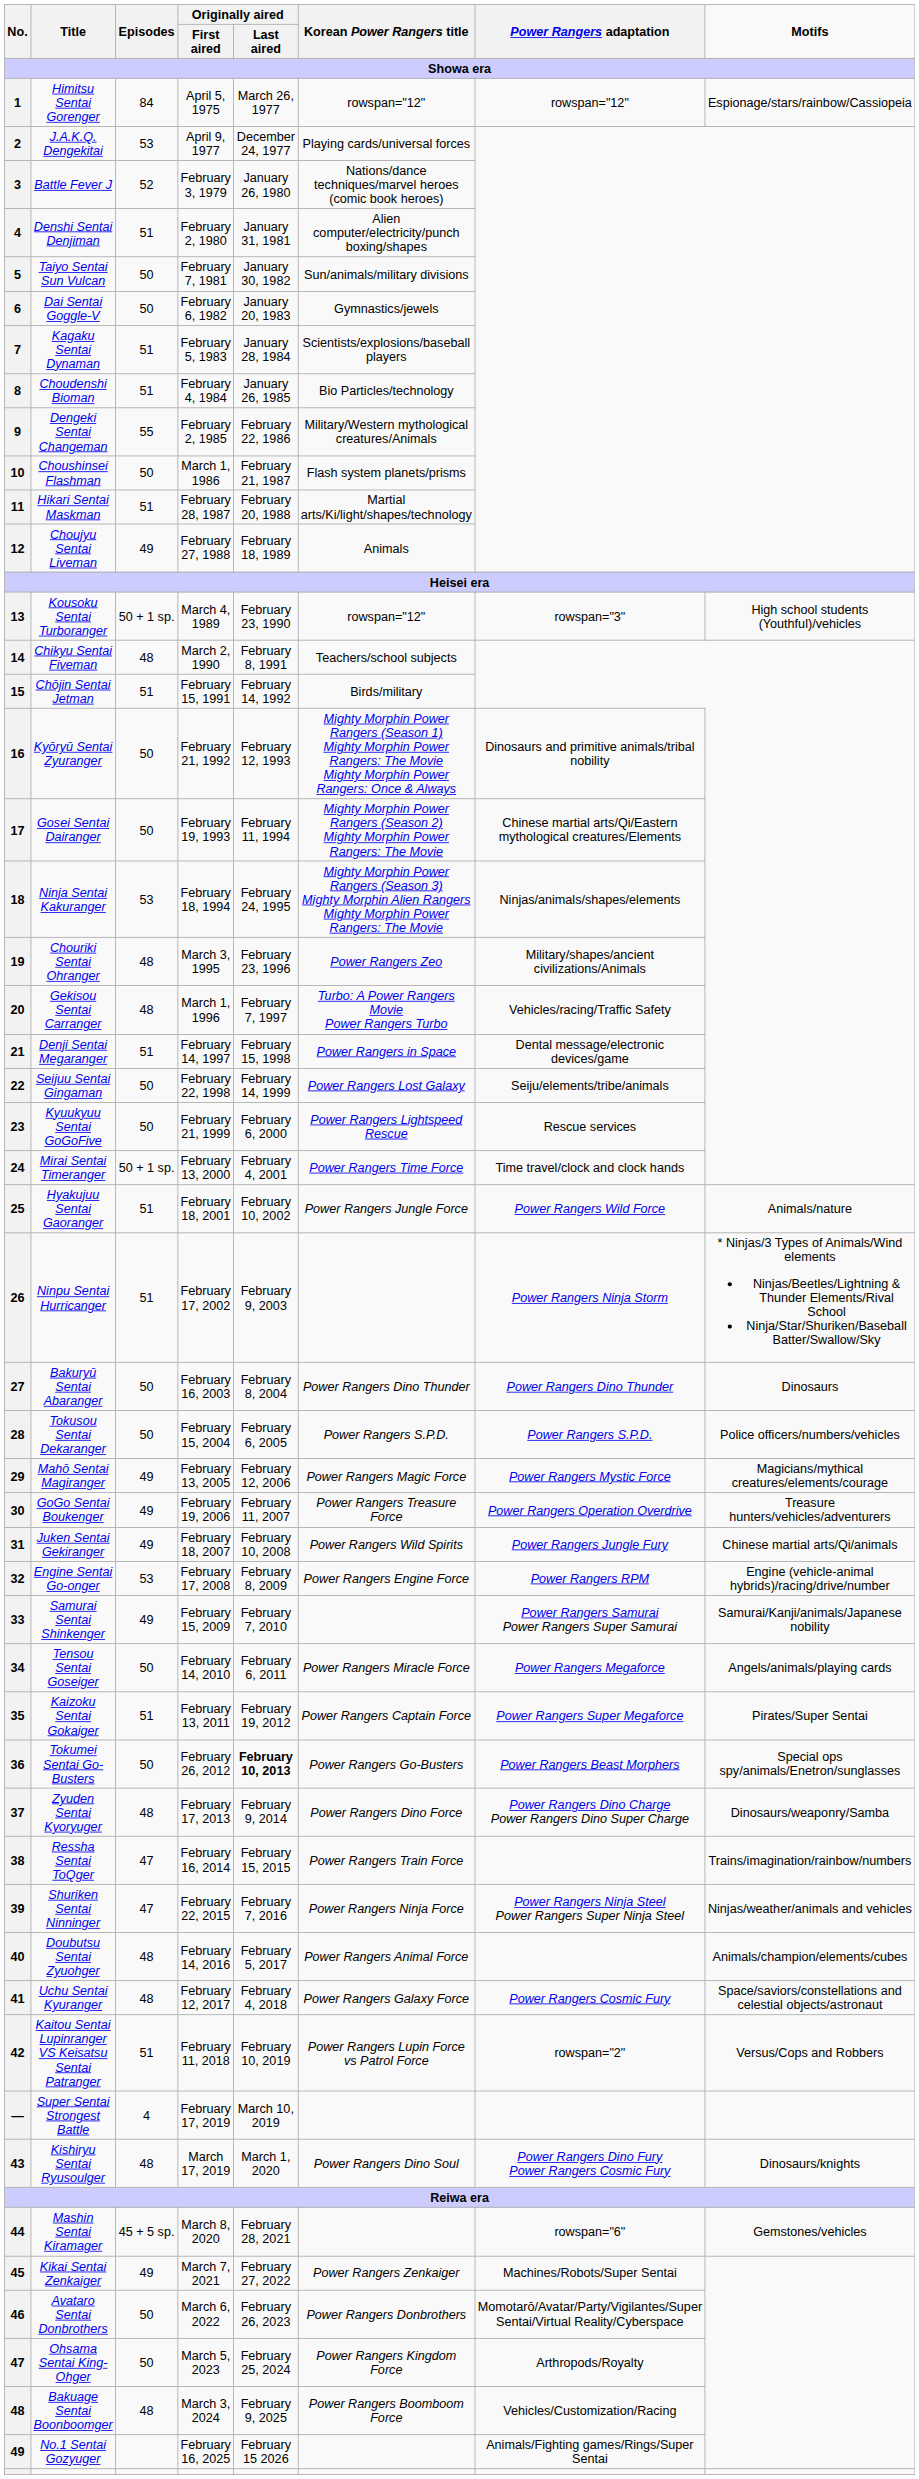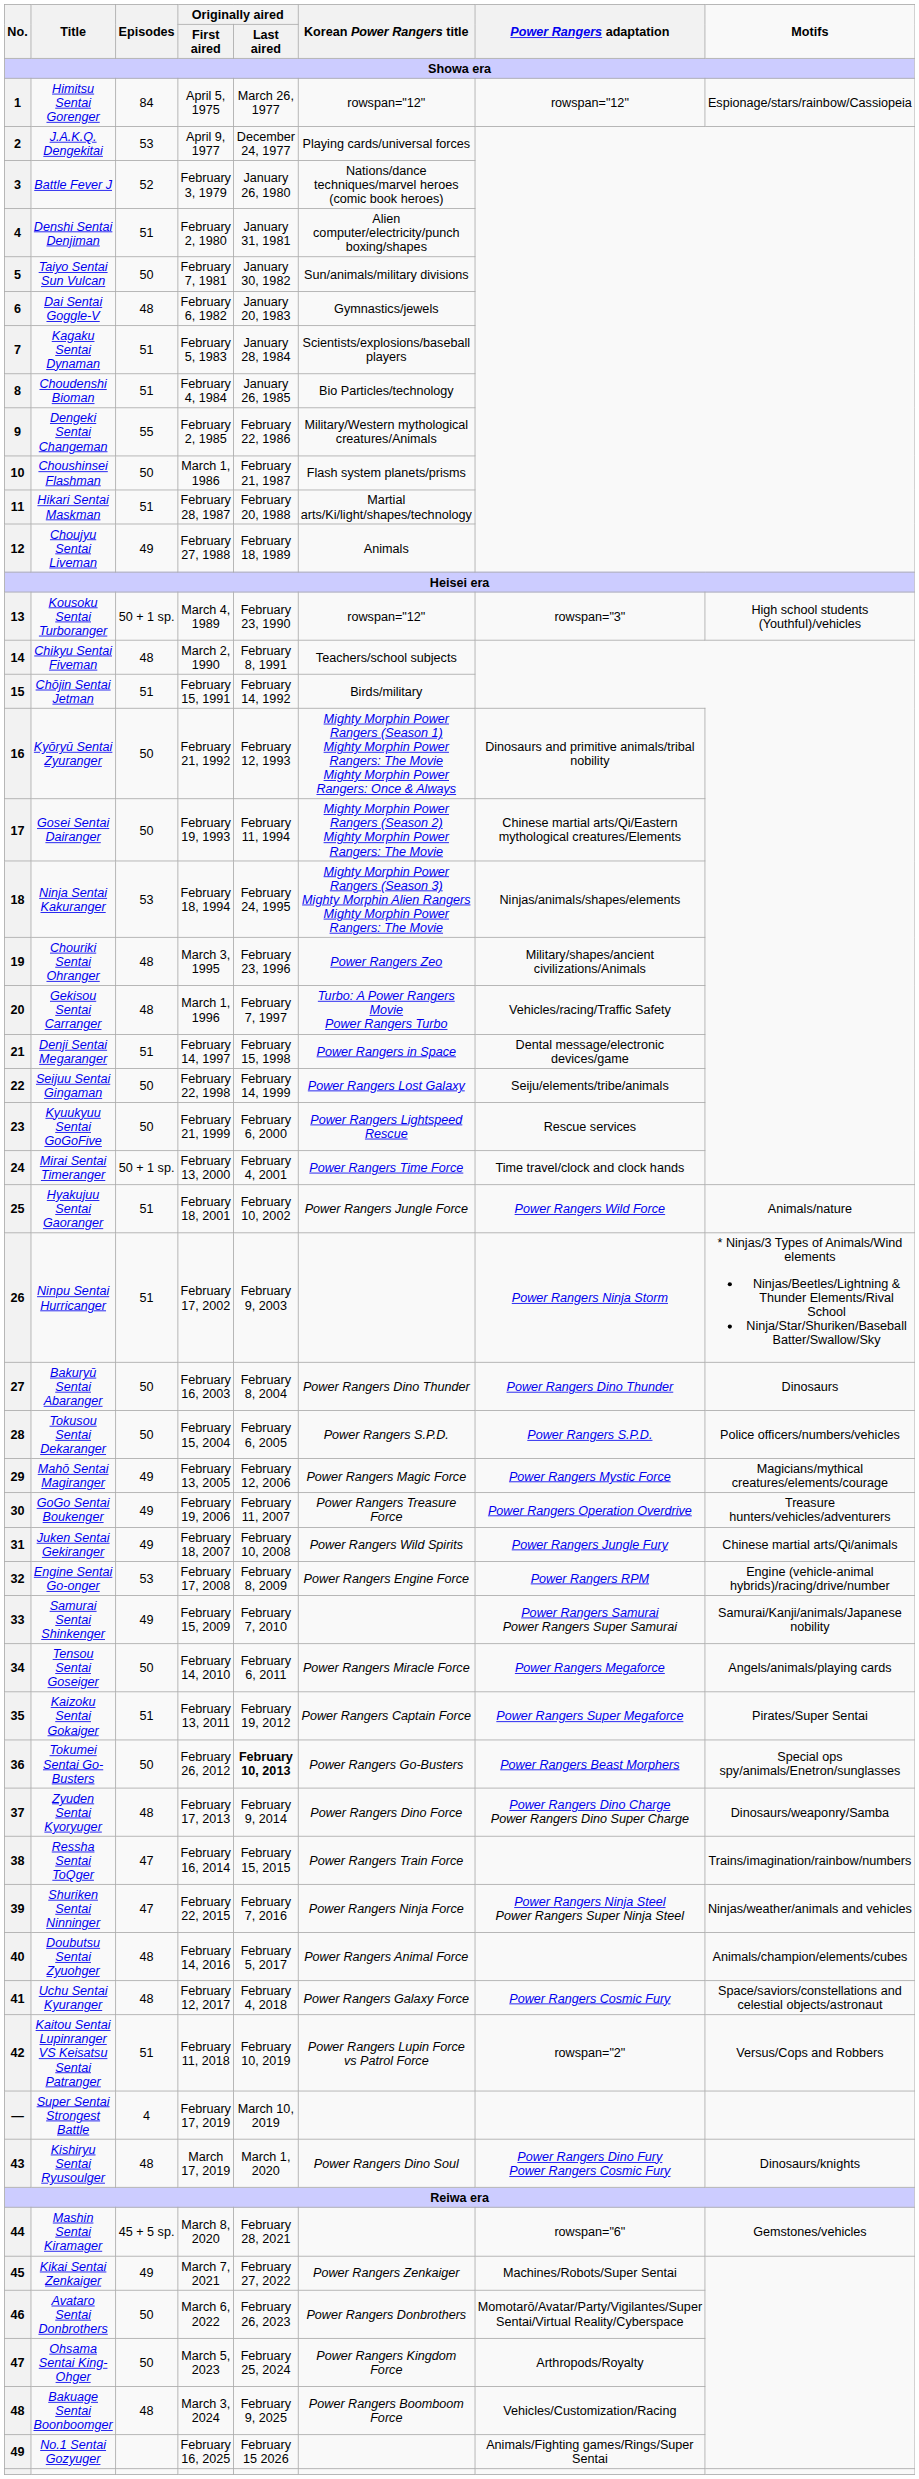 <table class="wikitable" style="font-size:95%; text-align:center;">
 <tr>
 <th rowspan="2">No.</th>
 <th rowspan="2">Title</th>
 <th rowspan="2">Episodes</th>
 <th colspan="2">Originally aired</th>
 <th rowspan="2">Korean <em>Power Rangers</em> title</th>
 <th rowspan="2"><em><a href='#'>Power Rangers</a></em> adaptation</th>
 <td rowspan="2"><strong>Motifs</strong></td>
 </tr>
 <tr>
 <th>First aired</th>
 <th>Last aired</th>
 </tr>
 <tr>
 <th colspan="8" style="background-color:#ccccff;">Showa era<br></th>
 </tr>
 <tr>
 <th>1</th>
 <td><em><a href='#'>Himitsu Sentai Gorenger</a></em></td>
 <td>84</td>
 <td>April 5, 1975</td>
 <td>March 26, 1977</td>
 <td>rowspan="12" </td>
 <td>rowspan="12" </td>
 <td>Espionage/stars/rainbow/Cassiopeia</td>
 </tr>
 <tr>
 <th>2</th>
 <td><em><a href='#'>J.A.K.Q. Dengekitai</a></em></td>
 <td>53</td>
 <td>April 9, 1977</td>
 <td>December 24, 1977</td>
 <td>Playing cards/universal forces</td>
 </tr>
 <tr>
 <th>3</th>
 <td><em><a href='#'>Battle Fever J</a></em></td>
 <td>52</td>
 <td>February 3, 1979</td>
 <td>January 26, 1980</td>
 <td>Nations/dance techniques/marvel heroes (comic book heroes)</td>
 </tr>
 <tr>
 <th>4</th>
 <td><em><a href='#'>Denshi Sentai Denjiman</a></em></td>
 <td>51</td>
 <td>February 2, 1980</td>
 <td>January 31, 1981</td>
 <td>Alien computer/electricity/punch boxing/shapes</td>
 </tr>
 <tr>
 <th>5</th>
 <td><em><a href='#'>Taiyo Sentai Sun Vulcan</a></em></td>
 <td>50</td>
 <td>February 7, 1981</td>
 <td>January 30, 1982</td>
 <td>Sun/animals/military divisions</td>
 </tr>
 <tr>
 <th>6</th>
 <td><em><a href='#'>Dai Sentai Goggle-V</a></em></td>
-<td>50</td>
+<td>48</td>
 <td>February 6, 1982</td>
 <td>January 20, 1983</td>
 <td>Gymnastics/jewels</td>
 </tr>
 <tr>
 <th>7</th>
 <td><em><a href='#'>Kagaku Sentai Dynaman</a></em></td>
 <td>51</td>
 <td>February 5, 1983</td>
 <td>January 28, 1984</td>
 <td>Scientists/explosions/baseball players</td>
 </tr>
 <tr>
 <th>8</th>
 <td><em><a href='#'>Choudenshi Bioman</a></em></td>
 <td>51</td>
 <td>February 4, 1984</td>
 <td>January 26, 1985</td>
 <td>Bio Particles/technology</td>
 </tr>
 <tr>
 <th>9</th>
 <td><em><a href='#'>Dengeki Sentai Changeman</a></em></td>
 <td>55</td>
 <td>February 2, 1985</td>
 <td>February 22, 1986</td>
 <td>Military/Western mythological creatures/Animals</td>
 </tr>
 <tr>
 <th>10</th>
 <td><em><a href='#'>Choushinsei Flashman</a></em></td>
 <td>50</td>
 <td>March 1, 1986</td>
 <td>February 21, 1987</td>
 <td>Flash system planets/prisms</td>
 </tr>
 <tr>
 <th>11</th>
 <td><em><a href='#'>Hikari Sentai Maskman</a></em></td>
 <td>51</td>
 <td>February 28, 1987</td>
 <td>February 20, 1988</td>
 <td>Martial arts/Ki/light/shapes/technology</td>
 </tr>
 <tr>
 <th>12</th>
 <td><em><a href='#'>Choujyu Sentai Liveman</a></em></td>
 <td>49</td>
 <td>February 27, 1988</td>
 <td>February 18, 1989</td>
 <td>Animals</td>
 </tr>
 <tr>
 <th colspan="8" style="background-color:#ccccff;">Heisei era<br></th>
 </tr>
 <tr>
 <th>13</th>
 <td><em><a href='#'>Kousoku Sentai Turboranger</a></em></td>
 <td>50 + 1 sp.</td>
 <td>March 4, 1989</td>
 <td>February 23, 1990</td>
 <td>rowspan="12" </td>
 <td>rowspan="3" </td>
 <td>High school students (Youthful)/vehicles</td>
 </tr>
 <tr>
 <th>14</th>
 <td><em><a href='#'>Chikyu Sentai Fiveman</a></em></td>
 <td>48</td>
 <td>March 2, 1990</td>
 <td>February 8, 1991</td>
 <td>Teachers/school subjects</td>
 </tr>
 <tr>
 <th>15</th>
 <td><em><a href='#'>Chōjin Sentai Jetman</a></em></td>
 <td>51</td>
 <td>February 15, 1991</td>
 <td>February 14, 1992</td>
 <td>Birds/military</td>
 </tr>
 <tr>
 <th>16</th>
 <td><em><a href='#'>Kyōryū Sentai Zyuranger</a></em></td>
 <td>50</td>
 <td>February 21, 1992</td>
 <td>February 12, 1993</td>
 <td><em><a href='#'>Mighty Morphin Power Rangers (Season 1)</a></em><br><em><a href='#'>Mighty Morphin Power Rangers: The Movie</a></em><br><em><a href='#'>Mighty Morphin Power Rangers: Once & Always</a></em></td>
 <td>Dinosaurs and primitive animals/tribal nobility</td>
 </tr>
 <tr>
 <th>17</th>
 <td><em><a href='#'>Gosei Sentai Dairanger</a></em></td>
 <td>50</td>
 <td>February 19, 1993</td>
 <td>February 11, 1994</td>
 <td><a href='#'><em>Mighty Morphin Power Rangers (Season 2)</em></a><br><em><a href='#'>Mighty Morphin Power Rangers: The Movie</a></em></td>
 <td>Chinese martial arts/Qi/Eastern mythological creatures/Elements</td>
 </tr>
 <tr>
 <th>18</th>
 <td><em><a href='#'>Ninja Sentai Kakuranger</a></em></td>
 <td>53</td>
 <td>February 18, 1994</td>
 <td>February 24, 1995</td>
 <td><a href='#'><em>Mighty Morphin Power Rangers (Season 3)</em></a><br><em><a href='#'>Mighty Morphin Alien Rangers</a></em><br><em><a href='#'>Mighty Morphin Power Rangers: The Movie</a></em></td>
 <td>Ninjas/animals/shapes/elements</td>
 </tr>
 <tr>
 <th>19</th>
 <td><em><a href='#'>Chouriki Sentai Ohranger</a></em></td>
 <td>48</td>
 <td>March 3, 1995</td>
 <td>February 23, 1996</td>
 <td><em><a href='#'>Power Rangers Zeo</a></em></td>
 <td>Military/shapes/ancient civilizations/Animals</td>
 </tr>
 <tr>
 <th>20</th>
 <td><em><a href='#'>Gekisou Sentai Carranger</a></em></td>
 <td>48</td>
 <td>March 1, 1996</td>
 <td>February 7, 1997</td>
 <td><em><a href='#'>Turbo: A Power Rangers Movie</a></em><br><em><a href='#'>Power Rangers Turbo</a></em></td>
 <td>Vehicles/racing/Traffic Safety</td>
 </tr>
 <tr>
 <th>21</th>
 <td><em><a href='#'>Denji Sentai Megaranger</a></em></td>
 <td>51</td>
 <td>February 14, 1997</td>
 <td>February 15, 1998</td>
 <td><em><a href='#'>Power Rangers in Space</a></em></td>
 <td>Dental message/electronic devices/game</td>
 </tr>
 <tr>
 <th>22</th>
 <td><em><a href='#'>Seijuu Sentai Gingaman</a></em></td>
 <td>50</td>
 <td>February 22, 1998</td>
 <td>February 14, 1999</td>
 <td><em><a href='#'>Power Rangers Lost Galaxy</a></em></td>
 <td>Seiju/elements/tribe/animals</td>
 </tr>
 <tr>
 <th>23</th>
 <td><em><a href='#'>Kyuukyuu Sentai GoGoFive</a></em></td>
 <td>50</td>
 <td>February 21, 1999</td>
 <td>February 6, 2000</td>
 <td><em><a href='#'>Power Rangers Lightspeed Rescue</a></em></td>
 <td>Rescue services</td>
 </tr>
 <tr>
 <th>24</th>
 <td><em><a href='#'>Mirai Sentai Timeranger</a></em></td>
 <td>50 + 1 sp.</td>
 <td>February 13, 2000</td>
 <td>February 4, 2001</td>
 <td><em><a href='#'>Power Rangers Time Force</a></em></td>
 <td>Time travel/clock and clock hands</td>
 </tr>
 <tr>
 <th>25</th>
 <td><em><a href='#'>Hyakujuu Sentai Gaoranger</a></em></td>
 <td>51</td>
 <td>February 18, 2001</td>
 <td>February 10, 2002</td>
 <td><em>Power Rangers Jungle Force</em></td>
 <td><em><a href='#'>Power Rangers Wild Force</a></em></td>
 <td>Animals/nature</td>
 </tr>
 <tr>
 <th>26</th>
 <td><em><a href='#'>Ninpu Sentai Hurricanger</a></em></td>
 <td>51</td>
 <td>February 17, 2002</td>
 <td>February 9, 2003</td>
 <td></td>
 <td><em><a href='#'>Power Rangers Ninja Storm</a></em></td>
 <td>* Ninjas/3 Types of Animals/Wind elements<br><ul><li>Ninjas/Beetles/Lightning & Thunder Elements/Rival School</li><li>Ninja/Star/Shuriken/Baseball Batter/Swallow/Sky</li></ul></td>
 </tr>
 <tr>
 <th>27</th>
 <td><em><a href='#'>Bakuryū Sentai Abaranger</a></em></td>
 <td>50</td>
 <td>February 16, 2003</td>
 <td>February 8, 2004</td>
 <td><em>Power Rangers Dino Thunder</em></td>
 <td><em><a href='#'>Power Rangers Dino Thunder</a></em></td>
 <td>Dinosaurs</td>
 </tr>
 <tr>
 <th>28</th>
 <td><em><a href='#'>Tokusou Sentai Dekaranger</a></em></td>
 <td>50</td>
 <td>February 15, 2004</td>
 <td>February 6, 2005</td>
 <td><em>Power Rangers S.P.D.</em></td>
 <td><em><a href='#'>Power Rangers S.P.D.</a></em></td>
 <td>Police officers/numbers/vehicles</td>
 </tr>
 <tr>
 <th>29</th>
 <td><em><a href='#'>Mahō Sentai Magiranger</a></em></td>
 <td>49</td>
 <td>February 13, 2005</td>
 <td>February 12, 2006</td>
 <td><em>Power Rangers Magic Force</em></td>
 <td><em><a href='#'>Power Rangers Mystic Force</a></em></td>
 <td>Magicians/mythical creatures/elements/courage</td>
 </tr>
 <tr>
 <th>30</th>
 <td><em><a href='#'>GoGo Sentai Boukenger</a></em></td>
 <td>49</td>
 <td>February 19, 2006</td>
 <td>February 11, 2007</td>
 <td><em>Power Rangers Treasure Force</em></td>
 <td><em><a href='#'>Power Rangers Operation Overdrive</a></em></td>
 <td>Treasure hunters/vehicles/adventurers</td>
 </tr>
 <tr>
 <th>31</th>
 <td><em><a href='#'>Juken Sentai Gekiranger</a></em></td>
 <td>49</td>
 <td>February 18, 2007</td>
 <td>February 10, 2008</td>
 <td><em>Power Rangers Wild Spirits</em></td>
 <td><em><a href='#'>Power Rangers Jungle Fury</a></em></td>
 <td>Chinese martial arts/Qi/animals</td>
 </tr>
 <tr>
 <th>32</th>
 <td><em><a href='#'>Engine Sentai Go-onger</a></em></td>
 <td>53</td>
 <td>February 17, 2008</td>
 <td>February 8, 2009</td>
 <td><em>Power Rangers Engine Force</em></td>
 <td><em><a href='#'>Power Rangers RPM</a></em></td>
 <td>Engine (vehicle-animal hybrids)/racing/drive/number</td>
 </tr>
 <tr>
 <th>33</th>
 <td><em><a href='#'>Samurai Sentai Shinkenger</a></em></td>
 <td>49</td>
 <td>February 15, 2009</td>
 <td>February 7, 2010</td>
 <td></td>
 <td><em><a href='#'>Power Rangers Samurai</a></em><br><em>Power Rangers Super Samurai</em></td>
 <td>Samurai/Kanji/animals/Japanese nobility</td>
 </tr>
 <tr>
 <th>34</th>
 <td><em><a href='#'>Tensou Sentai Goseiger</a></em></td>
 <td>50</td>
 <td>February 14, 2010</td>
 <td>February 6, 2011</td>
 <td><em>Power Rangers Miracle Force</em></td>
 <td><em><a href='#'>Power Rangers Megaforce</a></em></td>
 <td>Angels/animals/playing cards</td>
 </tr>
 <tr>
 <th>35</th>
 <td><em><a href='#'>Kaizoku Sentai Gokaiger</a></em></td>
 <td>51</td>
 <td>February 13, 2011</td>
 <td>February 19, 2012</td>
 <td><em>Power Rangers Captain Force</em></td>
 <td><em><a href='#'>Power Rangers Super Megaforce</a></em></td>
 <td>Pirates/Super Sentai</td>
 </tr>
 <tr>
 <th>36</th>
 <td><em><a href='#'>Tokumei Sentai Go-Busters</a></em></td>
 <td>50</td>
 <td>February 26, 2012</td>
 <td><strong>February 10, 2013</strong></td>
 <td><em>Power Rangers Go-Busters</em></td>
 <td><em><a href='#'>Power Rangers Beast Morphers</a></em></td>
 <td>Special ops spy/animals/Enetron/sunglasses</td>
 </tr>
 <tr>
 <th>37</th>
 <td><em><a href='#'>Zyuden Sentai Kyoryuger</a></em></td>
 <td>48</td>
 <td>February 17, 2013</td>
 <td>February 9, 2014</td>
 <td><em>Power Rangers Dino Force</em></td>
 <td><em><a href='#'>Power Rangers Dino Charge</a></em><br><em>Power Rangers Dino Super Charge</em></td>
 <td>Dinosaurs/weaponry/Samba</td>
 </tr>
 <tr>
 <th>38</th>
 <td><em><a href='#'>Ressha Sentai ToQger</a></em></td>
 <td>47</td>
 <td>February 16, 2014</td>
 <td>February 15, 2015</td>
 <td><em>Power Rangers Train Force</em></td>
 <td></td>
 <td>Trains/imagination/rainbow/numbers</td>
 </tr>
 <tr>
 <th>39</th>
 <td><em><a href='#'>Shuriken Sentai Ninninger</a></em></td>
 <td>47</td>
 <td>February 22, 2015</td>
 <td>February 7, 2016</td>
 <td><em>Power Rangers Ninja Force</em></td>
 <td><em><a href='#'>Power Rangers Ninja Steel</a></em><br><em>Power Rangers Super Ninja Steel</em></td>
 <td>Ninjas/weather/animals and vehicles</td>
 </tr>
 <tr>
 <th>40</th>
 <td><em><a href='#'>Doubutsu Sentai Zyuohger</a></em></td>
 <td>48</td>
 <td>February 14, 2016</td>
 <td>February 5, 2017</td>
 <td><em>Power Rangers Animal Force</em></td>
 <td></td>
 <td>Animals/champion/elements/cubes</td>
 </tr>
 <tr>
 <th>41</th>
 <td><em><a href='#'>Uchu Sentai Kyuranger</a></em></td>
 <td>48</td>
 <td>February 12, 2017</td>
 <td>February 4, 2018</td>
 <td><em>Power Rangers Galaxy Force</em></td>
 <td><em><a href='#'>Power Rangers Cosmic Fury</a></em></td>
 <td>Space/saviors/constellations and celestial objects/astronaut</td>
 </tr>
 <tr>
 <th>42</th>
 <td><em><a href='#'>Kaitou Sentai Lupinranger VS Keisatsu Sentai Patranger</a></em></td>
 <td>51</td>
 <td>February 11, 2018</td>
 <td>February 10, 2019</td>
 <td><em>Power Rangers Lupin Force vs Patrol Force</em></td>
 <td>rowspan="2" </td>
 <td>Versus/Cops and Robbers</td>
 </tr>
 <tr>
 <th><strong>—</strong></th>
 <td><em><a href='#'>Super Sentai Strongest Battle</a></em></td>
 <td>4</td>
 <td>February 17, 2019</td>
 <td>March 10, 2019</td>
 <td></td>
 <td></td>
 </tr>
 <tr>
 <th>43</th>
 <td><em><a href='#'>Kishiryu Sentai Ryusoulger</a></em></td>
 <td>48</td>
 <td>March 17, 2019</td>
 <td>March 1, 2020</td>
 <td><em>Power Rangers Dino Soul</em></td>
 <td><em><a href='#'>Power Rangers Dino Fury</a></em><br><em><a href='#'>Power Rangers Cosmic Fury</a></em></td>
 <td>Dinosaurs/knights</td>
 </tr>
 <tr>
 <th colspan="8" style="background-color:#ccccff;">Reiwa era<br></th>
 </tr>
 <tr>
 <th>44</th>
 <td><em><a href='#'>Mashin Sentai Kiramager</a></em></td>
 <td>45 + 5 sp.</td>
 <td>March 8, 2020</td>
 <td>February 28, 2021</td>
 <td></td>
 <td>rowspan="6" </td>
 <td>Gemstones/vehicles</td>
 </tr>
 <tr>
 <th>45</th>
 <td><em><a href='#'>Kikai Sentai Zenkaiger</a></em></td>
 <td>49</td>
 <td>March 7, 2021</td>
 <td>February 27, 2022</td>
 <td><em>Power Rangers Zenkaiger</em></td>
 <td>Machines/Robots/Super Sentai</td>
 </tr>
 <tr>
 <th>46</th>
 <td><em><a href='#'>Avataro Sentai Donbrothers</a></em></td>
 <td>50</td>
 <td>March 6, 2022</td>
 <td>February 26, 2023</td>
 <td><em>Power Rangers Donbrothers</em></td>
 <td>Momotarō/Avatar/Party/Vigilantes/Super Sentai/Virtual Reality/Cyberspace</td>
 </tr>
 <tr>
 <th>47</th>
 <td><em><a href='#'>Ohsama Sentai King-Ohger</a></em></td>
 <td>50</td>
 <td>March 5, 2023</td>
 <td>February 25, 2024</td>
 <td><em>Power Rangers Kingdom Force</em></td>
 <td>Arthropods/Royalty</td>
 </tr>
 <tr>
 <th>48</th>
 <td><em><a href='#'>Bakuage Sentai Boonboomger</a></em></td>
 <td>48</td>
 <td>March 3, 2024</td>
 <td>February 9, 2025</td>
 <td><em>Power Rangers Boomboom Force</em></td>
 <td>Vehicles/Customization/Racing</td>
 </tr>
 <tr>
 <th>49</th>
 <td><em><a href='#'>No.1 Sentai Gozyuger</a></em></td>
 <td></td>
 <td>February 16, 2025</td>
 <td>February 15 2026</td>
 <td></td>
 <td>Animals/Fighting games/Rings/Super Sentai</td>
 </tr>
 <tr>
 <th></th>
 <td></td>
 <td></td>
 <td></td>
 <td></td>
 <td></td>
 <td></td>
 <td></td>
 </tr>
 </table>
